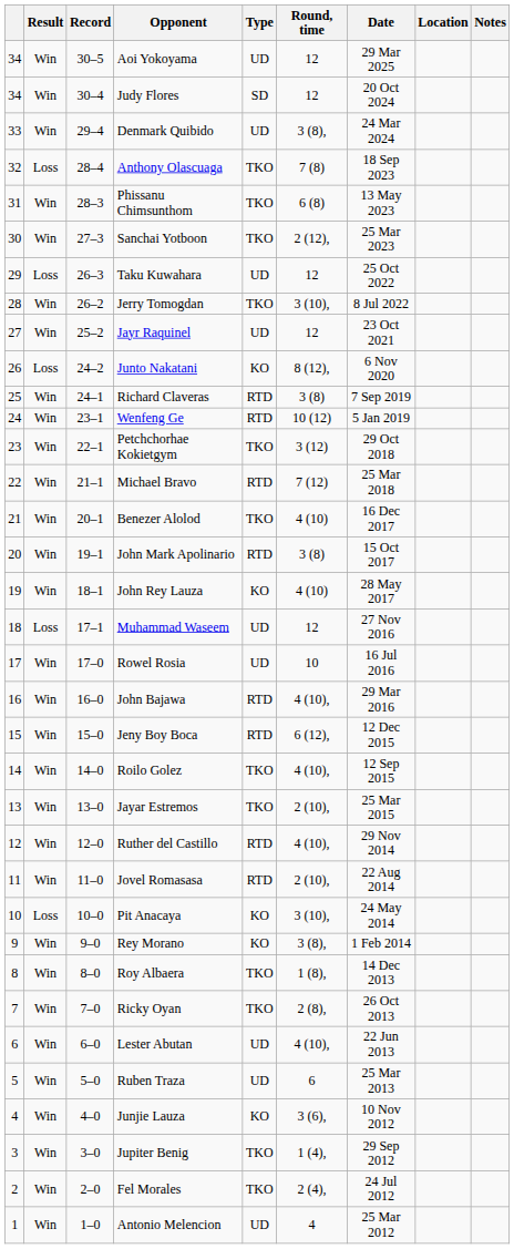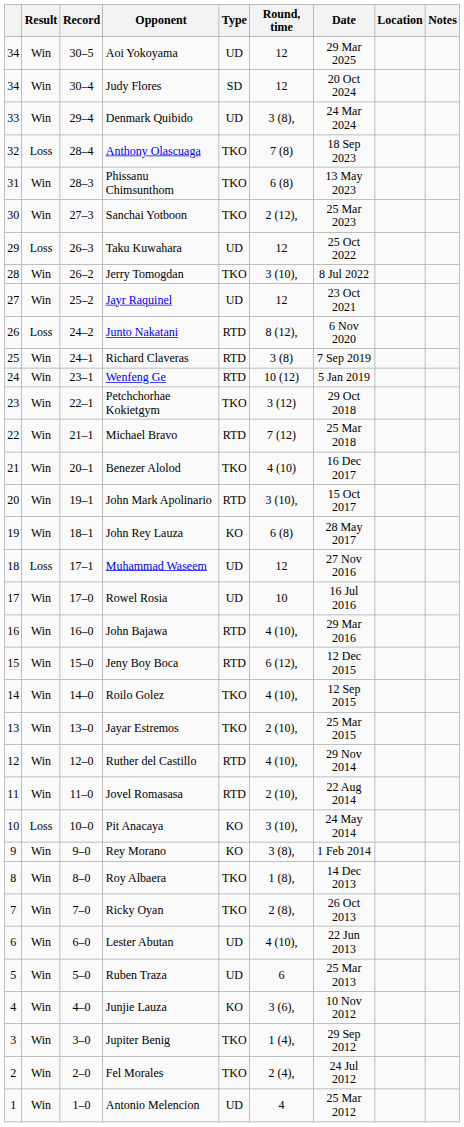 <table class="wikitable" style="text-align:center">
 <tr>
 <th></th>
 <th>Result</th>
 <th>Record</th>
 <th>Opponent</th>
 <th>Type</th>
 <th>Round, time</th>
 <th>Date</th>
 <th>Location</th>
 <th>Notes</th>
 </tr>
 <tr>
 <td>34</td>
 <td>Win</td>
 <td>30–5</td>
 <td align=left>Aoi Yokoyama</td>
 <td>UD</td>
 <td>12</td>
 <td>29 Mar 2025</td>
 <td align=left></td>
 <td align=left></td>
 </tr>
 <tr>
 <td>34</td>
 <td>Win</td>
 <td>30–4</td>
 <td align=left>Judy Flores</td>
 <td>SD</td>
 <td>12</td>
 <td>20 Oct 2024</td>
 <td align=left></td>
 <td align=left></td>
 </tr>
 <tr>
 <td>33</td>
 <td>Win</td>
 <td>29–4</td>
 <td align=left>Denmark Quibido</td>
 <td>UD</td>
 <td>3 (8), </td>
 <td>24 Mar 2024</td>
 <td align=left></td>
 <td align=left></td>
 </tr>
 <tr>
 <td>32</td>
 <td>Loss</td>
 <td>28–4</td>
 <td align=left><a href='#'>Anthony Olascuaga</a></td>
 <td>TKO</td>
 <td>7 (8) </td>
 <td>18 Sep 2023</td>
 <td align=left></td>
 <td align=left></td>
 </tr>
 <tr>
 <td>31</td>
 <td>Win</td>
 <td>28–3</td>
 <td align=left>Phissanu Chimsunthom</td>
 <td>TKO</td>
 <td>6 (8) </td>
 <td>13 May 2023</td>
 <td align=left></td>
 <td></td>
 </tr>
 <tr>
 <td>30</td>
 <td>Win</td>
 <td>27–3</td>
 <td align=left>Sanchai Yotboon</td>
 <td>TKO</td>
 <td>2 (12), </td>
 <td>25 Mar 2023</td>
 <td align=left></td>
 <td align=left></td>
 </tr>
 <tr>
 <td>29</td>
 <td>Loss</td>
 <td>26–3</td>
 <td align=left>Taku Kuwahara</td>
 <td>UD</td>
 <td>12</td>
 <td>25 Oct 2022</td>
 <td align=left></td>
 <td align=left></td>
 </tr>
 <tr>
 <td>28</td>
 <td>Win</td>
 <td>26–2</td>
 <td align=left>Jerry Tomogdan</td>
 <td>TKO</td>
 <td>3 (10), </td>
 <td>8 Jul 2022</td>
 <td align=left></td>
 <td></td>
 </tr>
 <tr>
 <td>27</td>
 <td>Win</td>
 <td>25–2</td>
 <td align=left><a href='#'>Jayr Raquinel</a></td>
 <td>UD</td>
 <td>12</td>
 <td>23 Oct 2021</td>
 <td align=left></td>
 <td align=left></td>
 </tr>
 <tr>
 <td>26</td>
 <td>Loss</td>
 <td>24–2</td>
 <td align=left><a href='#'>Junto Nakatani</a></td>
-<td>KO</td>
+<td>RTD</td>
 <td>8 (12), </td>
 <td>6 Nov 2020</td>
 <td align=left></td>
 <td align=left></td>
 </tr>
 <tr>
 <td>25</td>
 <td>Win</td>
 <td>24–1</td>
 <td align=left>Richard Claveras</td>
 <td>RTD</td>
 <td>3 (8) </td>
 <td>7 Sep 2019</td>
 <td align=left></td>
 <td></td>
 </tr>
 <tr>
 <td>24</td>
 <td>Win</td>
 <td>23–1</td>
 <td align=left><a href='#'>Wenfeng Ge</a></td>
 <td>RTD</td>
 <td>10 (12) </td>
 <td>5 Jan 2019</td>
 <td align=left></td>
 <td align=left></td>
 </tr>
 <tr>
 <td>23</td>
 <td>Win</td>
 <td>22–1</td>
 <td align=left>Petchchorhae Kokietgym</td>
 <td>TKO</td>
 <td>3 (12) </td>
 <td>29 Oct 2018</td>
 <td align=left></td>
 <td align=left></td>
 </tr>
 <tr>
 <td>22</td>
 <td>Win</td>
 <td>21–1</td>
 <td align=left>Michael Bravo</td>
 <td>RTD</td>
 <td>7 (12) </td>
 <td>25 Mar 2018</td>
 <td align=left></td>
 <td align=left></td>
 </tr>
 <tr>
 <td>21</td>
 <td>Win</td>
 <td>20–1</td>
 <td align=left>Benezer Alolod</td>
 <td>TKO</td>
 <td>4 (10) </td>
 <td>16 Dec 2017</td>
 <td align=left></td>
 <td></td>
 </tr>
 <tr>
 <td>20</td>
 <td>Win</td>
 <td>19–1</td>
 <td align=left>John Mark Apolinario</td>
 <td>RTD</td>
-<td>3 (8) </td>
+<td>3 (10), </td>
 <td>15 Oct 2017</td>
 <td align=left></td>
 <td></td>
 </tr>
 <tr>
 <td>19</td>
 <td>Win</td>
 <td>18–1</td>
 <td align=left>John Rey Lauza</td>
 <td>KO</td>
-<td>4 (10) </td>
+<td>6 (8) </td>
 <td>28 May 2017</td>
 <td align=left></td>
 <td></td>
 </tr>
 <tr>
 <td>18</td>
 <td>Loss</td>
 <td>17–1</td>
 <td align=left><a href='#'>Muhammad Waseem</a></td>
 <td>UD</td>
 <td>12</td>
 <td>27 Nov 2016</td>
 <td align=left></td>
 <td align=left></td>
 </tr>
 <tr>
 <td>17</td>
 <td>Win</td>
 <td>17–0</td>
 <td align=left>Rowel Rosia</td>
 <td>UD</td>
 <td>10</td>
 <td>16 Jul 2016</td>
 <td align=left></td>
 <td></td>
 </tr>
 <tr>
 <td>16</td>
 <td>Win</td>
 <td>16–0</td>
 <td align=left>John Bajawa</td>
 <td>RTD</td>
 <td>4 (10), </td>
 <td>29 Mar 2016</td>
 <td align=left></td>
 <td></td>
 </tr>
 <tr>
 <td>15</td>
 <td>Win</td>
 <td>15–0</td>
 <td align=left>Jeny Boy Boca</td>
 <td>RTD</td>
 <td>6 (12), </td>
 <td>12 Dec 2015</td>
 <td align=left></td>
 <td align=left></td>
 </tr>
 <tr>
 <td>14</td>
 <td>Win</td>
 <td>14–0</td>
 <td align=left>Roilo Golez</td>
 <td>TKO</td>
 <td>4 (10), </td>
 <td>12 Sep 2015</td>
 <td align=left></td>
 <td></td>
 </tr>
 <tr>
 <td>13</td>
 <td>Win</td>
 <td>13–0</td>
 <td align=left>Jayar Estremos</td>
 <td>TKO</td>
 <td>2 (10), </td>
 <td>25 Mar 2015</td>
 <td align=left></td>
 <td></td>
 </tr>
 <tr>
 <td>12</td>
 <td>Win</td>
 <td>12–0</td>
 <td align=left>Ruther del Castillo</td>
 <td>RTD</td>
 <td>4 (10), </td>
 <td>29 Nov 2014</td>
 <td align=left></td>
 <td></td>
 </tr>
 <tr>
 <td>11</td>
 <td>Win</td>
 <td>11–0</td>
 <td align=left>Jovel Romasasa</td>
 <td>RTD</td>
 <td>2 (10), </td>
 <td>22 Aug 2014</td>
 <td align=left></td>
 <td></td>
 </tr>
 <tr>
 <td>10</td>
 <td>Loss</td>
 <td>10–0</td>
 <td align=left>Pit Anacaya</td>
 <td>KO</td>
 <td>3 (10), </td>
 <td>24 May 2014</td>
 <td align=left></td>
 <td></td>
 </tr>
 <tr>
 <td>9</td>
 <td>Win</td>
 <td>9–0</td>
 <td align=left>Rey Morano</td>
 <td>KO</td>
 <td>3 (8), </td>
 <td>1 Feb 2014</td>
 <td align=left></td>
 <td></td>
 </tr>
 <tr>
 <td>8</td>
 <td>Win</td>
 <td>8–0</td>
 <td align=left>Roy Albaera</td>
 <td>TKO</td>
 <td>1 (8), </td>
 <td>14 Dec 2013</td>
 <td align=left></td>
 <td></td>
 </tr>
 <tr>
 <td>7</td>
 <td>Win</td>
 <td>7–0</td>
 <td align=left>Ricky Oyan</td>
 <td>TKO</td>
 <td>2 (8), </td>
 <td>26 Oct 2013</td>
 <td align=left></td>
 <td></td>
 </tr>
 <tr>
 <td>6</td>
 <td>Win</td>
 <td>6–0</td>
 <td align=left>Lester Abutan</td>
 <td>UD</td>
 <td>4 (10), </td>
 <td>22 Jun 2013</td>
 <td align=left></td>
 <td></td>
 </tr>
 <tr>
 <td>5</td>
 <td>Win</td>
 <td>5–0</td>
 <td align=left>Ruben Traza</td>
 <td>UD</td>
 <td>6</td>
 <td>25 Mar 2013</td>
 <td align=left></td>
 <td></td>
 </tr>
 <tr>
 <td>4</td>
 <td>Win</td>
 <td>4–0</td>
 <td align=left>Junjie Lauza</td>
 <td>KO</td>
 <td>3 (6), </td>
 <td>10 Nov 2012</td>
 <td align=left></td>
 <td></td>
 </tr>
 <tr>
 <td>3</td>
 <td>Win</td>
 <td>3–0</td>
 <td align=left>Jupiter Benig</td>
 <td>TKO</td>
 <td>1 (4), </td>
 <td>29 Sep 2012</td>
 <td align=left></td>
 <td></td>
 </tr>
 <tr>
 <td>2</td>
 <td>Win</td>
 <td>2–0</td>
 <td align=left>Fel Morales</td>
 <td>TKO</td>
 <td>2 (4), </td>
 <td>24 Jul 2012</td>
 <td align=left></td>
 <td></td>
 </tr>
 <tr>
 <td>1</td>
 <td>Win</td>
 <td>1–0</td>
 <td align=left>Antonio Melencion</td>
 <td>UD</td>
 <td>4</td>
 <td>25 Mar 2012</td>
 <td align=left></td>
 <td></td>
 </tr>
 </table>
